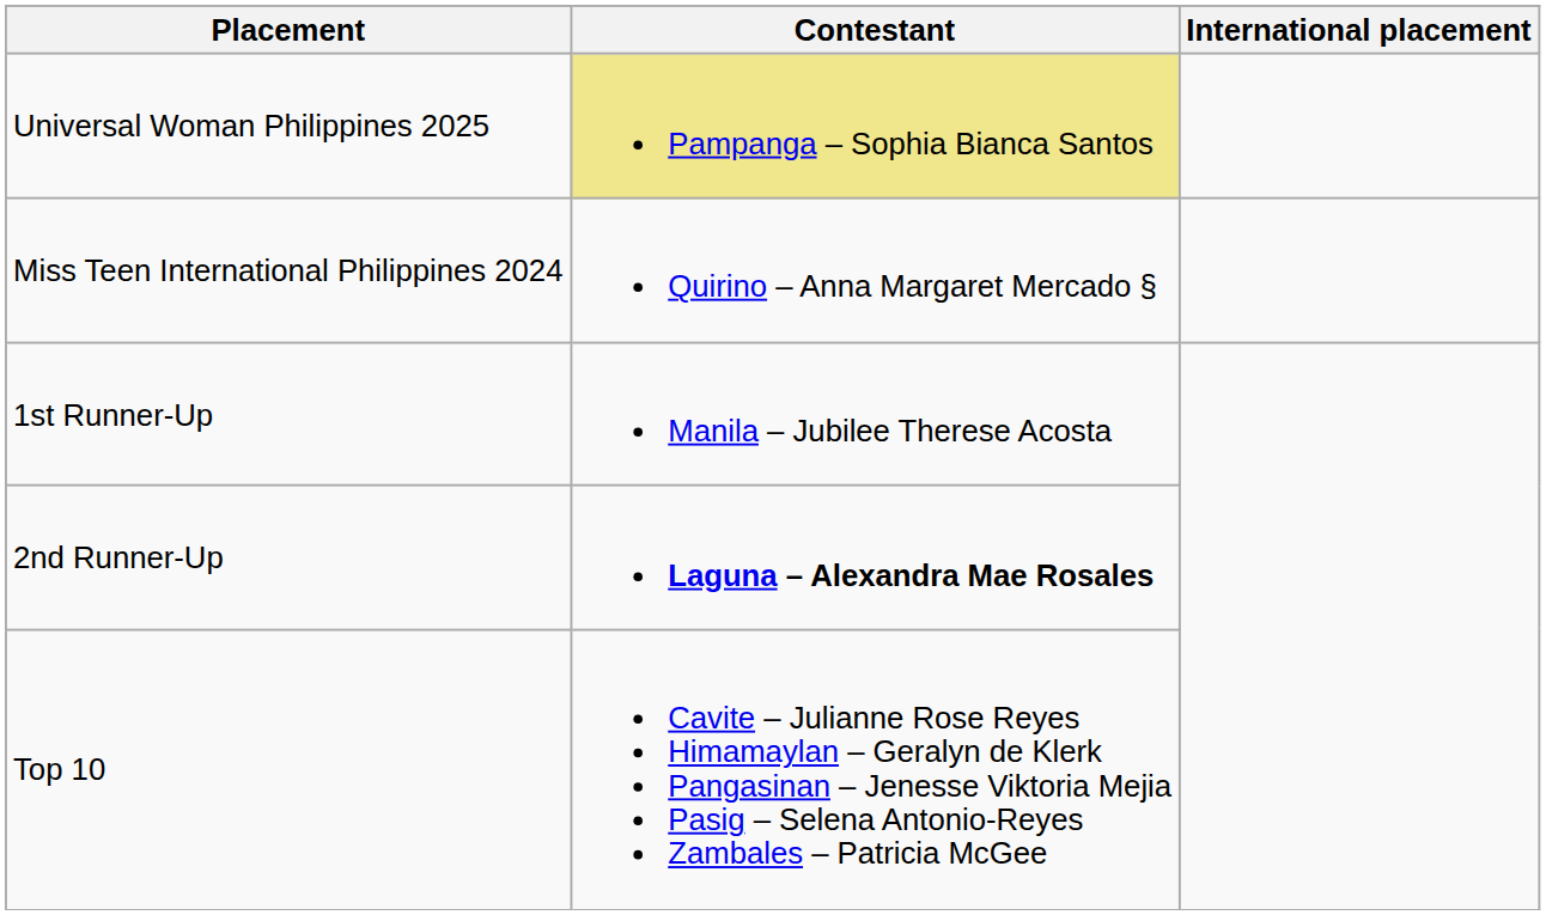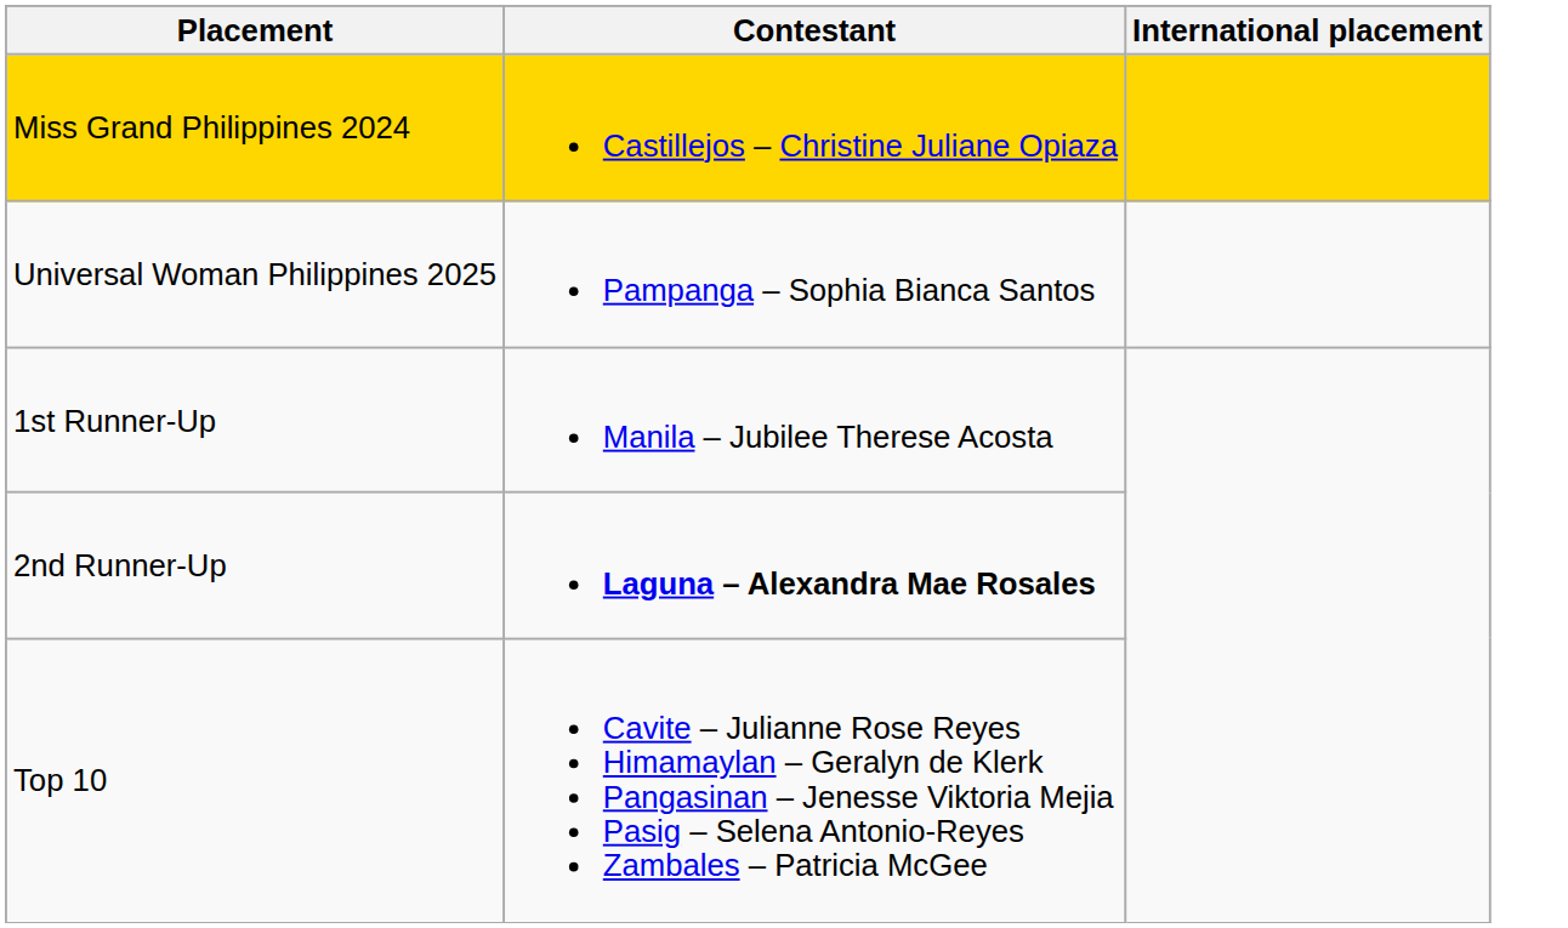 <table class="wikitable" style="font-size: 85%;">
 <tr>
 <th>Placement</th>
 <th>Contestant</th>
 <th>International placement</th>
 </tr>
-<tr>
-<td>Universal Woman Philippines 2025</td>
-<td style="background: khaki;"><br><ul><li><a href='#'>Pampanga</a> – Sophia Bianca Santos</li></ul></td>
+<tr style="background:gold">
+<td>Miss Grand Philippines 2024</td>
+<td><br><ul><li><a href='#'>Castillejos</a> – <a href='#'>Christine Juliane Opiaza</a></li></ul></td>
 <td></td>
 </tr>
 <tr>
-<td>Miss Teen International Philippines 2024</td>
-<td><br><ul><li><a href='#'>Quirino</a> – Anna Margaret Mercado §</li></ul></td>
+<td>Universal Woman Philippines 2025</td>
+<td><br><ul><li><a href='#'>Pampanga</a> – Sophia Bianca Santos</li></ul></td>
 <td></td>
 </tr>
 <tr>
 <td>1st Runner-Up</td>
 <td><br><ul><li><a href='#'>Manila</a> – Jubilee Therese Acosta</li></ul></td>
 </tr>
 <tr>
 <td>2nd Runner-Up</td>
 <td><strong><br><ul><li><a href='#'>Laguna</a> – Alexandra Mae Rosales</li></ul></strong></td>
 </tr>
 <tr>
 <td>Top 10</td>
 <td><br><ul><li><a href='#'>Cavite</a> – Julianne Rose Reyes</li><li><a href='#'>Himamaylan</a> – Geralyn de Klerk</li><li><a href='#'>Pangasinan</a> – Jenesse Viktoria Mejia</li><li><a href='#'>Pasig</a> – Selena Antonio-Reyes</li><li><a href='#'>Zambales</a> – Patricia McGee</li></ul></td>
 </tr>
 </table>
